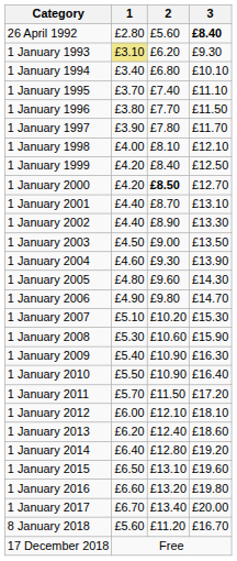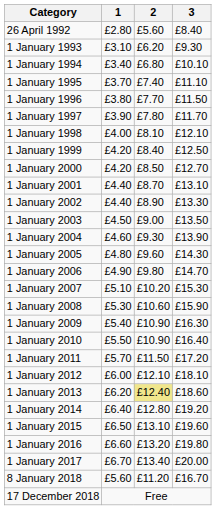 <table class="wikitable" style="text-align:left">
 <tr>
 <th>Category</th>
 <th>1</th>
 <th>2</th>
 <th>3</th>
 </tr>
 <tr>
 <td>26 April 1992</td>
 <td>£2.80</td>
 <td>£5.60</td>
-<td><strong>£8.40</strong></td>
+<td>£8.40</td>
 </tr>
 <tr>
 <td>1 January 1993</td>
-<td style="background: khaki;">£3.10</td>
+<td>£3.10</td>
 <td>£6.20</td>
 <td>£9.30</td>
 </tr>
 <tr>
 <td>1 January 1994</td>
 <td>£3.40</td>
 <td>£6.80</td>
 <td>£10.10</td>
 </tr>
 <tr>
 <td>1 January 1995</td>
 <td>£3.70</td>
 <td>£7.40</td>
 <td>£11.10</td>
 </tr>
 <tr>
 <td>1 January 1996</td>
 <td>£3.80</td>
 <td>£7.70</td>
 <td>£11.50</td>
 </tr>
 <tr>
 <td>1 January 1997</td>
 <td>£3.90</td>
 <td>£7.80</td>
 <td>£11.70</td>
 </tr>
 <tr>
 <td>1 January 1998</td>
 <td>£4.00</td>
 <td>£8.10</td>
 <td>£12.10</td>
 </tr>
 <tr>
 <td>1 January 1999</td>
 <td>£4.20</td>
 <td>£8.40</td>
 <td>£12.50</td>
 </tr>
 <tr>
 <td>1 January 2000</td>
 <td>£4.20</td>
-<td><strong>£8.50</strong></td>
+<td>£8.50</td>
 <td>£12.70</td>
 </tr>
 <tr>
 <td>1 January 2001</td>
 <td>£4.40</td>
 <td>£8.70</td>
 <td>£13.10</td>
 </tr>
 <tr>
 <td>1 January 2002</td>
 <td>£4.40</td>
 <td>£8.90</td>
 <td>£13.30</td>
 </tr>
 <tr>
 <td>1 January 2003</td>
 <td>£4.50</td>
 <td>£9.00</td>
 <td>£13.50</td>
 </tr>
 <tr>
 <td>1 January 2004</td>
 <td>£4.60</td>
 <td>£9.30</td>
 <td>£13.90</td>
 </tr>
 <tr>
 <td>1 January 2005</td>
 <td>£4.80</td>
 <td>£9.60</td>
 <td>£14.30</td>
 </tr>
 <tr>
 <td>1 January 2006</td>
 <td>£4.90</td>
 <td>£9.80</td>
 <td>£14.70</td>
 </tr>
 <tr>
 <td>1 January 2007</td>
 <td>£5.10</td>
 <td>£10.20</td>
 <td>£15.30</td>
 </tr>
 <tr>
 <td>1 January 2008</td>
 <td>£5.30</td>
 <td>£10.60</td>
 <td>£15.90</td>
 </tr>
 <tr>
 <td>1 January 2009</td>
 <td>£5.40</td>
 <td>£10.90</td>
 <td>£16.30</td>
 </tr>
 <tr>
 <td>1 January 2010</td>
 <td>£5.50</td>
 <td>£10.90</td>
 <td>£16.40</td>
 </tr>
 <tr>
 <td>1 January 2011</td>
 <td>£5.70</td>
 <td>£11.50</td>
 <td>£17.20</td>
 </tr>
 <tr>
 <td>1 January 2012</td>
 <td>£6.00</td>
 <td>£12.10</td>
 <td>£18.10</td>
 </tr>
 <tr>
 <td>1 January 2013</td>
 <td>£6.20</td>
-<td>£12.40</td>
+<td style="background: khaki;">£12.40</td>
 <td>£18.60</td>
 </tr>
 <tr>
 <td>1 January 2014</td>
 <td>£6.40</td>
 <td>£12.80</td>
 <td>£19.20</td>
 </tr>
 <tr>
 <td>1 January 2015</td>
 <td>£6.50</td>
 <td>£13.10</td>
 <td>£19.60</td>
 </tr>
 <tr>
 <td>1 January 2016</td>
 <td>£6.60</td>
 <td>£13.20</td>
 <td>£19.80</td>
 </tr>
 <tr>
 <td>1 January 2017</td>
 <td>£6.70</td>
 <td>£13.40</td>
 <td>£20.00</td>
 </tr>
 <tr>
 <td>8 January 2018</td>
 <td>£5.60</td>
 <td>£11.20</td>
 <td>£16.70</td>
 </tr>
 <tr>
 <td>17 December 2018</td>
 <td colspan="3" style="text-align:center;">Free</td>
 </tr>
 </table>
